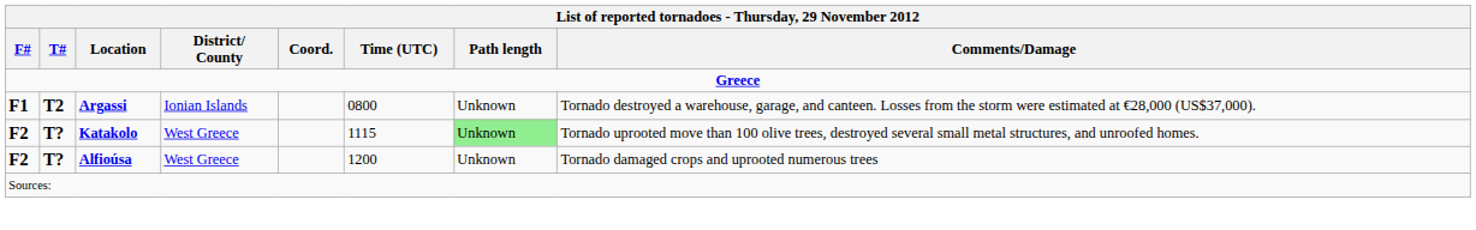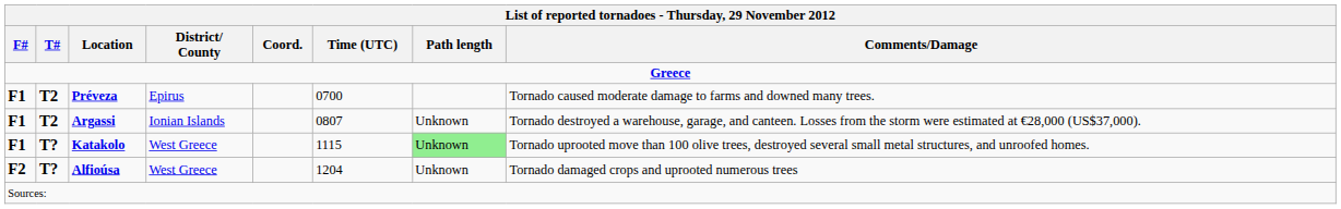 <table class="wikitable collapsible" width="100%">
 <tr>
 <th colspan="8">List of reported tornadoes - Thursday, 29 November 2012</th>
 </tr>
 <tr>
 <th><a href='#'>F#</a></th>
 <th><a href='#'>T#</a></th>
 <th>Location</th>
 <th>District/<br>County</th>
 <th>Coord.</th>
 <th>Time (UTC)</th>
 <th>Path length</th>
 <th>Comments/Damage</th>
 </tr>
 <tr>
 <td colspan="8" align=center><strong><a href='#'>Greece</a></strong></td>
 </tr>
 <tr>
 <td><big><strong>F1</strong></big></td>
 <td><big><strong>T2</strong></big></td>
+<td><strong><a href='#'>Préveza</a></strong></td>
+<td><a href='#'>Epirus</a></td>
+<td></td>
+<td>0700</td>
+<td></td>
+<td>Tornado caused moderate damage to farms and downed many trees.</td>
+</tr>
+<tr>
+<td><big><strong>F1</strong></big></td>
+<td><big><strong>T2</strong></big></td>
 <td><strong><a href='#'>Argassi</a></strong></td>
 <td><a href='#'>Ionian Islands</a></td>
 <td></td>
-<td>0800</td>
+<td>0807</td>
 <td>Unknown</td>
 <td>Tornado destroyed a warehouse, garage, and canteen. Losses from the storm were estimated at €28,000 (US$37,000).</td>
 </tr>
 <tr>
-<td><big><strong>F2</strong></big></td>
+<td><big><strong>F1</strong></big></td>
 <td><big><strong>T?</strong></big></td>
 <td><strong><a href='#'>Katakolo</a></strong></td>
 <td><a href='#'>West Greece</a></td>
 <td></td>
 <td>1115</td>
 <td style="background: lightgreen;">Unknown</td>
 <td>Tornado uprooted move than 100 olive trees, destroyed several small metal structures, and unroofed homes.</td>
 </tr>
 <tr>
 <td><big><strong>F2</strong></big></td>
 <td><big><strong>T?</strong></big></td>
 <td><strong><a href='#'>Alfioúsa</a></strong></td>
 <td><a href='#'>West Greece</a></td>
 <td></td>
-<td>1200</td>
+<td>1204</td>
 <td>Unknown</td>
 <td>Tornado damaged crops and uprooted numerous trees</td>
 </tr>
 <tr>
 <td colspan="8"><small>Sources:  </small></td>
 </tr>
 </table>
